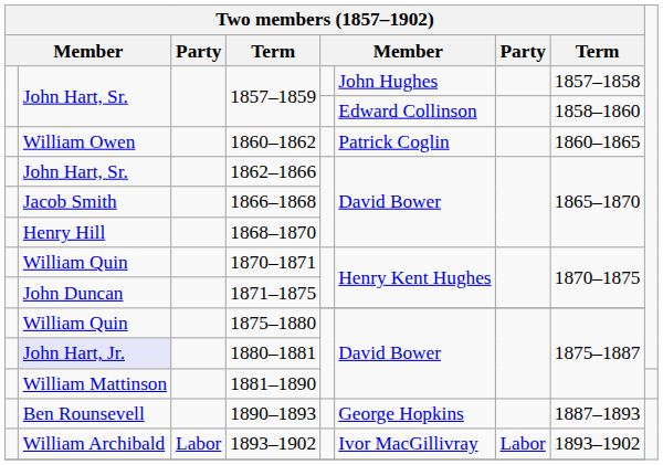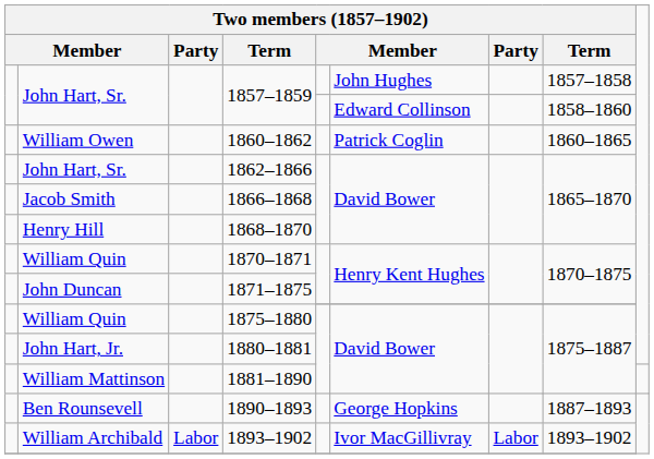 <table class="wikitable">
 <tr>
 <th colspan=8>Two members (1857–1902)</th>
 </tr>
 <tr>
 <th colspan=2>Member</th>
 <th>Party</th>
 <th>Term</th>
 <th colspan=2>Member</th>
 <th>Party</th>
 <th>Term</th>
 </tr>
 <tr>
 <td rowspan=2 > </td>
 <td rowspan=2><a href='#'>John Hart, Sr.</a></td>
 <td rowspan=2></td>
 <td rowspan=2>1857–1859</td>
 <td> </td>
 <td><a href='#'>John Hughes</a></td>
 <td></td>
 <td>1857–1858</td>
 </tr>
 <tr>
 <td> </td>
 <td><a href='#'>Edward Collinson</a></td>
 <td></td>
 <td>1858–1860</td>
 </tr>
 <tr>
 <td> </td>
 <td><a href='#'>William Owen</a></td>
 <td></td>
 <td>1860–1862</td>
 <td rowspan=2 > </td>
 <td rowspan=2><a href='#'>Patrick Coglin</a></td>
 <td rowspan=2></td>
 <td rowspan=2>1860–1865</td>
 </tr>
 <tr>
 <td rowspan=2 > </td>
 <td rowspan=2><a href='#'>John Hart, Sr.</a></td>
 <td rowspan=2></td>
 <td rowspan=2>1862–1866</td>
 </tr>
 <tr>
 <td rowspan=3 > </td>
 <td rowspan=3><a href='#'>David Bower</a></td>
 <td rowspan=3></td>
 <td rowspan=3>1865–1870</td>
 </tr>
 <tr>
 <td> </td>
 <td><a href='#'>Jacob Smith</a></td>
 <td></td>
 <td>1866–1868</td>
 </tr>
 <tr>
 <td> </td>
 <td><a href='#'>Henry Hill</a></td>
 <td></td>
 <td>1868–1870</td>
 </tr>
 <tr>
 <td> </td>
 <td><a href='#'>William Quin</a></td>
 <td></td>
 <td>1870–1871</td>
 <td rowspan=2 > </td>
 <td rowspan=2><a href='#'>Henry Kent Hughes</a></td>
 <td rowspan=2></td>
 <td rowspan=2>1870–1875</td>
 </tr>
 <tr>
 <td> </td>
 <td><a href='#'>John Duncan</a></td>
 <td></td>
 <td>1871–1875</td>
 </tr>
 <tr>
 <td rowspan=2 > </td>
 <td rowspan=2><a href='#'>William Quin</a></td>
 <td rowspan=2></td>
 <td rowspan=2>1875–1880</td>
 </tr>
 <tr>
 <td rowspan=3 > </td>
 <td rowspan=3><a href='#'>David Bower</a></td>
 <td rowspan=3></td>
 <td rowspan=3>1875–1887</td>
 </tr>
 <tr>
 <td> </td>
-<td style="background: lavender;"><a href='#'>John Hart, Jr.</a></td>
+<td><a href='#'>John Hart, Jr.</a></td>
 <td></td>
 <td>1880–1881</td>
 </tr>
 <tr>
 <td rowspan=2  > </td>
 <td rowspan=2><a href='#'>William Mattinson</a></td>
 <td rowspan=2></td>
 <td rowspan=2>1881–1890</td>
 <td> </td>
 </tr>
 <tr>
 <td rowspan=2 > </td>
 <td rowspan=2><a href='#'>George Hopkins</a></td>
 <td rowspan=2></td>
 <td rowspan=2>1887–1893</td>
 </tr>
 <tr>
 <td> </td>
 <td><a href='#'>Ben Rounsevell</a></td>
 <td></td>
 <td>1890–1893</td>
 </tr>
 <tr>
 <td> </td>
 <td><a href='#'>William Archibald</a></td>
 <td><a href='#'>Labor</a></td>
 <td>1893–1902</td>
 <td> </td>
 <td><a href='#'>Ivor MacGillivray</a></td>
 <td><a href='#'>Labor</a></td>
 <td>1893–1902</td>
 </tr>
 <tr>
 </tr>
 </table>
